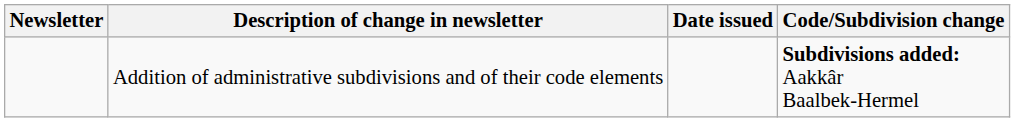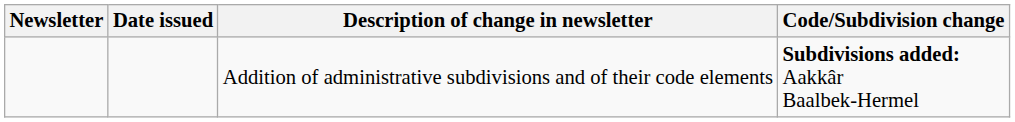 <table class="wikitable">
 <tr>
 <th>Newsletter</th>
+<th>Date issued</th>
 <th>Description of change in newsletter</th>
-<th>Date issued</th>
 <th>Code/Subdivision change</th>
 </tr>
 <tr>
 <td id="I-9"></td>
+<td></td>
 <td>Addition of administrative subdivisions and of their code elements</td>
-<td></td>
 <td style=white-space:nowrap><strong>Subdivisions added:</strong><br>  Aakkâr<br>  Baalbek-Hermel</td>
 </tr>
 </table>
